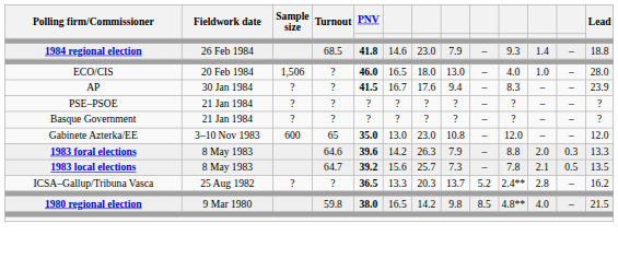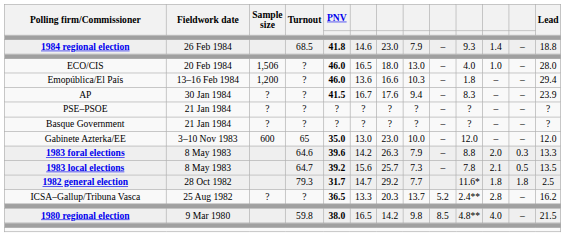 <table class="wikitable collapsible collapsed" style="text-align:center; font-size:95%; line-height:16px;">
 <tr style="height:42px;">
 <th style="width:250px;" rowspan="2">Polling firm/Commissioner</th>
 <th style="width:125px;" rowspan="2">Fieldwork date</th>
 <th style="width:50px;" rowspan="2">Sample size</th>
 <th style="width:45px;" rowspan="2">Turnout</th>
 <th style="width:35px;"><a href='#'>PNV</a></th>
 <th style="width:35px;"></th>
 <th style="width:35px;"></th>
 <th style="width:35px;"></th>
 <th style="width:35px;"></th>
 <th style="width:35px;"></th>
 <th style="width:35px;"></th>
 <th style="width:35px;"></th>
 <th style="width:30px;" rowspan="2">Lead</th>
 </tr>
 <tr>
 <th style="color:inherit;background:"></th>
 <th style="color:inherit;background:"></th>
 <th style="color:inherit;background:"></th>
 <th style="color:inherit;background:"></th>
 <th style="color:inherit;background:"></th>
 <th style="color:inherit;background:"></th>
 <th style="color:inherit;background:"></th>
 <th style="color:inherit;background:"></th>
 </tr>
 <tr>
 <td colspan="13" style="background:#A0A0A0"></td>
 </tr>
 <tr style="background:#EFEFEF;">
 <td><strong><a href='#'>1984 regional election</a></strong></td>
 <td>26 Feb 1984</td>
 <td></td>
 <td>68.5</td>
 <td><strong>41.8</strong><br></td>
 <td>14.6<br></td>
 <td>23.0<br></td>
 <td>7.9<br></td>
 <td>–</td>
 <td>9.3<br></td>
 <td>1.4<br></td>
 <td>–</td>
 <td style="background:">18.8</td>
 </tr>
 <tr>
 <td colspan="13" style="background:#A0A0A0"></td>
 </tr>
 <tr>
 <td>ECO/CIS</td>
 <td>20 Feb 1984</td>
 <td>1,506</td>
 <td>?</td>
 <td><strong>46.0</strong></td>
 <td>16.5</td>
 <td>18.0</td>
 <td>13.0</td>
 <td>–</td>
 <td>4.0</td>
 <td>1.0</td>
 <td>–</td>
 <td style="background:">28.0</td>
 </tr>
 <tr>
+<td>Emopública/El País</td>
+<td>13–16 Feb 1984</td>
+<td>1,200</td>
+<td>?</td>
+<td><strong>46.0</strong><br></td>
+<td>13.6<br></td>
+<td>16.6<br></td>
+<td>10.3<br></td>
+<td>–</td>
+<td>1.8<br></td>
+<td>–</td>
+<td>–</td>
+<td style="background:">29.4</td>
+</tr>
+<tr>
 <td>AP</td>
 <td>30 Jan 1984</td>
 <td>?</td>
 <td>?</td>
 <td><strong>41.5</strong></td>
 <td>16.7</td>
 <td>17.6</td>
 <td>9.4</td>
 <td>–</td>
 <td>8.3</td>
 <td>–</td>
 <td>–</td>
 <td style="background:">23.9</td>
 </tr>
 <tr>
 <td>PSE–PSOE</td>
 <td>21 Jan 1984</td>
 <td>?</td>
 <td>?</td>
 <td>?<br></td>
 <td>?<br></td>
 <td>?<br></td>
 <td>?<br></td>
 <td>–</td>
 <td>?<br></td>
 <td>–</td>
 <td>–</td>
 <td style="background:">?</td>
 </tr>
 <tr>
 <td>Basque Government</td>
 <td>21 Jan 1984</td>
 <td>?</td>
 <td>?</td>
 <td>?<br></td>
 <td>?<br></td>
 <td>?<br></td>
 <td>?<br></td>
 <td>–</td>
 <td>?<br></td>
 <td>–</td>
 <td>–</td>
 <td style="background:">?</td>
 </tr>
 <tr>
 <td>Gabinete Azterka/EE</td>
 <td>3–10 Nov 1983</td>
 <td>600</td>
 <td>65</td>
 <td><strong>35.0</strong><br></td>
 <td>13.0<br></td>
 <td>23.0<br></td>
-<td>10.8<br></td>
+<td>10.0<br></td>
 <td>–</td>
 <td>12.0<br></td>
 <td>–</td>
 <td>–</td>
 <td style="background:">12.0</td>
 </tr>
 <tr style="background:#EFEFEF;">
 <td><strong><a href='#'>1983 foral elections</a></strong></td>
 <td>8 May 1983</td>
 <td></td>
 <td>64.6</td>
 <td><strong>39.6</strong><br></td>
 <td>14.2<br></td>
 <td>26.3<br></td>
 <td>7.9<br></td>
 <td>–</td>
 <td>8.8<br></td>
 <td>2.0<br></td>
 <td>0.3<br></td>
 <td style="background:">13.3</td>
 </tr>
 <tr style="background:#EFEFEF;">
 <td><strong><a href='#'>1983 local elections</a></strong></td>
 <td>8 May 1983</td>
 <td></td>
 <td>64.7</td>
 <td><strong>39.2</strong></td>
 <td>15.6</td>
 <td>25.7</td>
 <td>7.3</td>
 <td>–</td>
 <td>7.8</td>
 <td>2.1</td>
 <td>0.5</td>
 <td style="background:">13.5</td>
+</tr>
+<tr style="background:#EFEFEF;">
+<td><strong><a href='#'>1982 general election</a></strong></td>
+<td>28 Oct 1982</td>
+<td></td>
+<td>79.3</td>
+<td><strong>31.7</strong><br></td>
+<td>14.7<br></td>
+<td>29.2<br></td>
+<td>7.7<br></td>
+<td></td>
+<td>11.6*<br></td>
+<td>1.8<br></td>
+<td>1.8<br></td>
+<td style="background:">2.5</td>
 </tr>
 <tr>
 <td>ICSA–Gallup/Tribuna Vasca</td>
 <td>25 Aug 1982</td>
 <td>?</td>
 <td>?</td>
 <td><strong>36.5</strong><br></td>
 <td>13.3<br></td>
 <td>20.3<br></td>
 <td>13.7<br></td>
 <td>5.2<br></td>
 <td>2.4**<br></td>
 <td>2.8<br></td>
 <td>–</td>
 <td style="background:">16.2</td>
 </tr>
 <tr>
 <td colspan="13" style="background:#A0A0A0"></td>
 </tr>
 <tr style="background:#EFEFEF;">
 <td><strong><a href='#'>1980 regional election</a></strong></td>
 <td>9 Mar 1980</td>
 <td></td>
 <td>59.8</td>
 <td><strong>38.0</strong><br></td>
 <td>16.5<br></td>
 <td>14.2<br></td>
 <td>9.8<br></td>
 <td>8.5<br></td>
 <td>4.8**<br></td>
 <td>4.0<br></td>
 <td>–</td>
 <td style="background:">21.5</td>
 </tr>
 <tr>
 <td colspan="13" style="background:#A0A0A0"></td>
 </tr>
 <tr>
 <td align="left" colspan="13"></td>
 </tr>
 </table>
